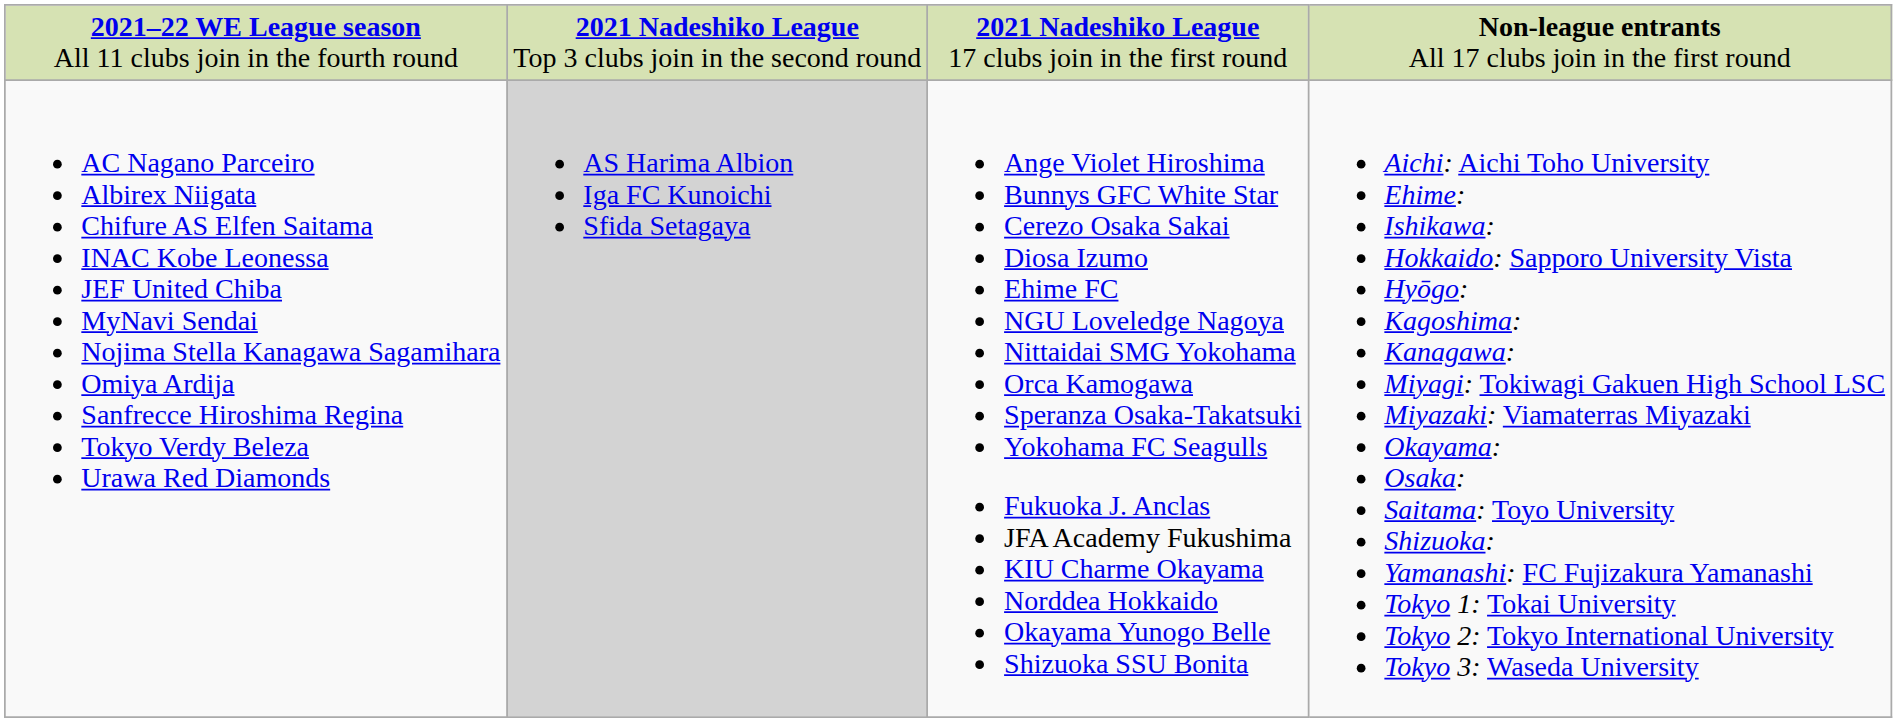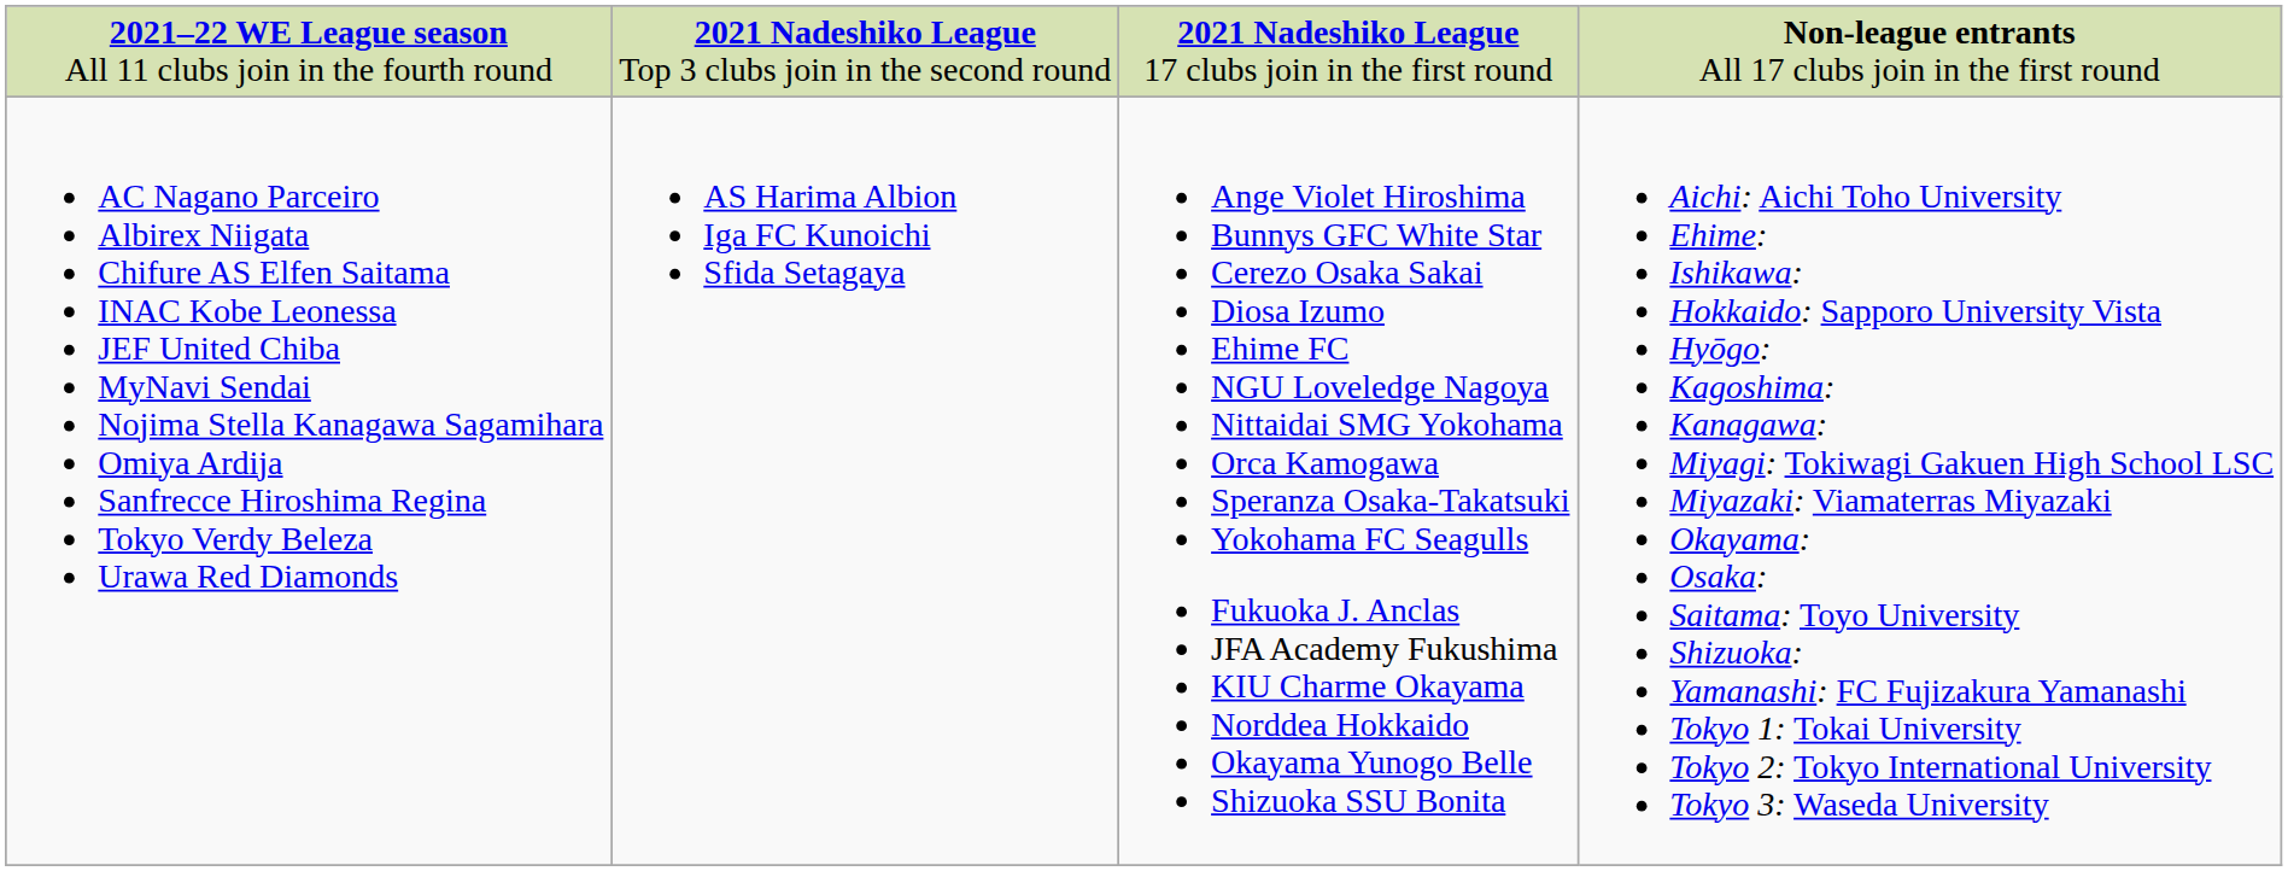 <table class="wikitable">
 <tr style="vertical-align:top; background:#d6e2b3; text-align:center;">
 <td><strong><a href='#'>2021–22 WE League season</a></strong><br>All 11 clubs join in the fourth round</td>
 <td><strong><a href='#'>2021 Nadeshiko League</a></strong><br>Top 3 clubs join in the second round</td>
 <td><strong><a href='#'>2021 Nadeshiko League</a></strong><br>17 clubs join in the first round</td>
 <td><strong>Non-league entrants</strong><br>All 17 clubs join in the first round</td>
 </tr>
 <tr valign="top">
 <td><br><ul><li><a href='#'>AC Nagano Parceiro</a></li><li><a href='#'>Albirex Niigata</a></li><li><a href='#'>Chifure AS Elfen Saitama</a></li><li><a href='#'>INAC Kobe Leonessa</a></li><li><a href='#'>JEF United Chiba</a></li><li><a href='#'>MyNavi Sendai</a></li><li><a href='#'>Nojima Stella Kanagawa Sagamihara</a></li><li><a href='#'>Omiya Ardija</a></li><li><a href='#'>Sanfrecce Hiroshima Regina</a></li><li><a href='#'>Tokyo Verdy Beleza</a></li><li><a href='#'>Urawa Red Diamonds</a></li></ul></td>
-<td style="background: lightgrey;"><br><ul><li><a href='#'>AS Harima Albion</a></li><li><a href='#'>Iga FC Kunoichi</a></li><li><a href='#'>Sfida Setagaya</a></li></ul></td>
+<td><br><ul><li><a href='#'>AS Harima Albion</a></li><li><a href='#'>Iga FC Kunoichi</a></li><li><a href='#'>Sfida Setagaya</a></li></ul></td>
 <td><br><ul><li><a href='#'>Ange Violet Hiroshima</a></li><li><a href='#'>Bunnys GFC White Star</a></li><li><a href='#'>Cerezo Osaka Sakai</a></li><li><a href='#'>Diosa Izumo</a></li><li><a href='#'>Ehime FC</a></li><li><a href='#'>NGU Loveledge Nagoya</a></li><li><a href='#'>Nittaidai SMG Yokohama</a></li><li><a href='#'>Orca Kamogawa</a></li><li><a href='#'>Speranza Osaka-Takatsuki</a></li><li><a href='#'>Yokohama FC Seagulls</a></li></ul><ul><li><a href='#'>Fukuoka J. Anclas</a></li><li>JFA Academy Fukushima</li><li><a href='#'>KIU Charme Okayama</a></li><li><a href='#'>Norddea Hokkaido</a></li><li><a href='#'>Okayama Yunogo Belle</a></li><li><a href='#'>Shizuoka SSU Bonita</a></li></ul></td>
 <td><br><ul><li><em><a href='#'>Aichi</a>:</em> <a href='#'>Aichi Toho University</a></li><li><em><a href='#'>Ehime</a>:</em> </li><li><em><a href='#'>Ishikawa</a>:</em> </li><li><em><a href='#'>Hokkaido</a>:</em> <a href='#'>Sapporo University Vista</a></li><li><em><a href='#'>Hyōgo</a>:</em> </li><li><em><a href='#'>Kagoshima</a>:</em> </li><li><em><a href='#'>Kanagawa</a>:</em> </li><li><em><a href='#'>Miyagi</a>:</em> <a href='#'>Tokiwagi Gakuen High School LSC</a></li><li><em><a href='#'>Miyazaki</a>:</em> <a href='#'>Viamaterras Miyazaki</a></li><li><em><a href='#'>Okayama</a>:</em> </li><li><em><a href='#'>Osaka</a>:</em> </li><li><em><a href='#'>Saitama</a>:</em> <a href='#'>Toyo University</a></li><li><em><a href='#'>Shizuoka</a>:</em> </li><li><em><a href='#'>Yamanashi</a>:</em> <a href='#'>FC Fujizakura Yamanashi</a></li><li><em><a href='#'>Tokyo</a> 1:</em> <a href='#'>Tokai University</a></li><li><em><a href='#'>Tokyo</a> 2:</em> <a href='#'>Tokyo International University</a></li><li><em><a href='#'>Tokyo</a> 3:</em> <a href='#'>Waseda University</a></li></ul></td>
 </tr>
 </table>
